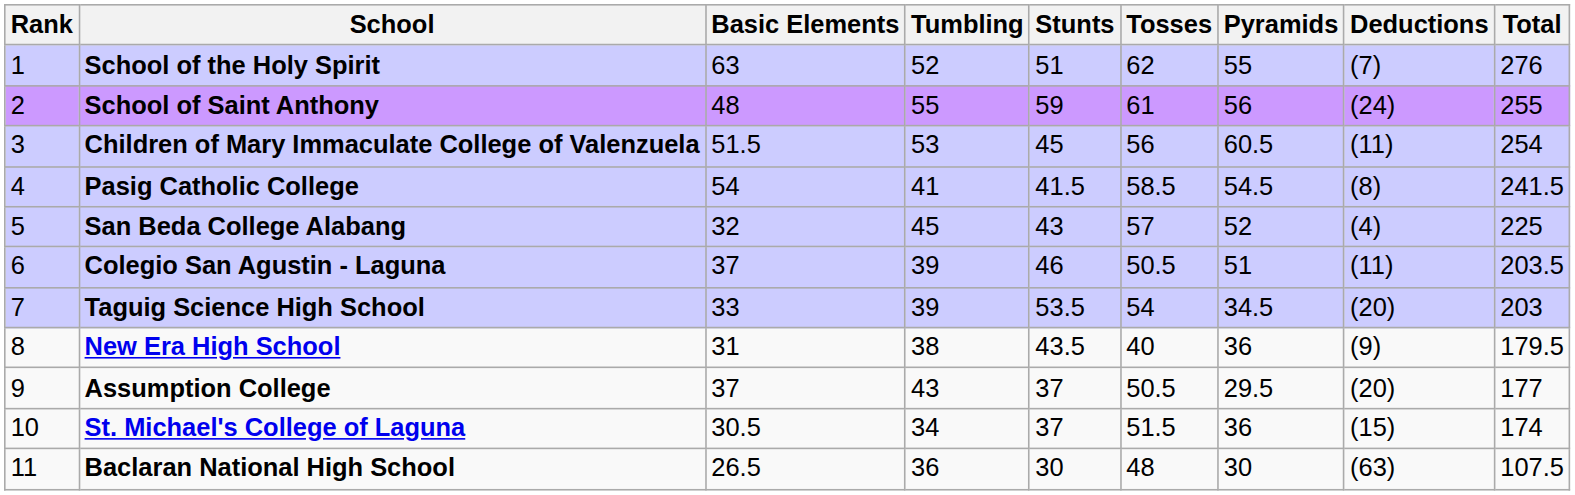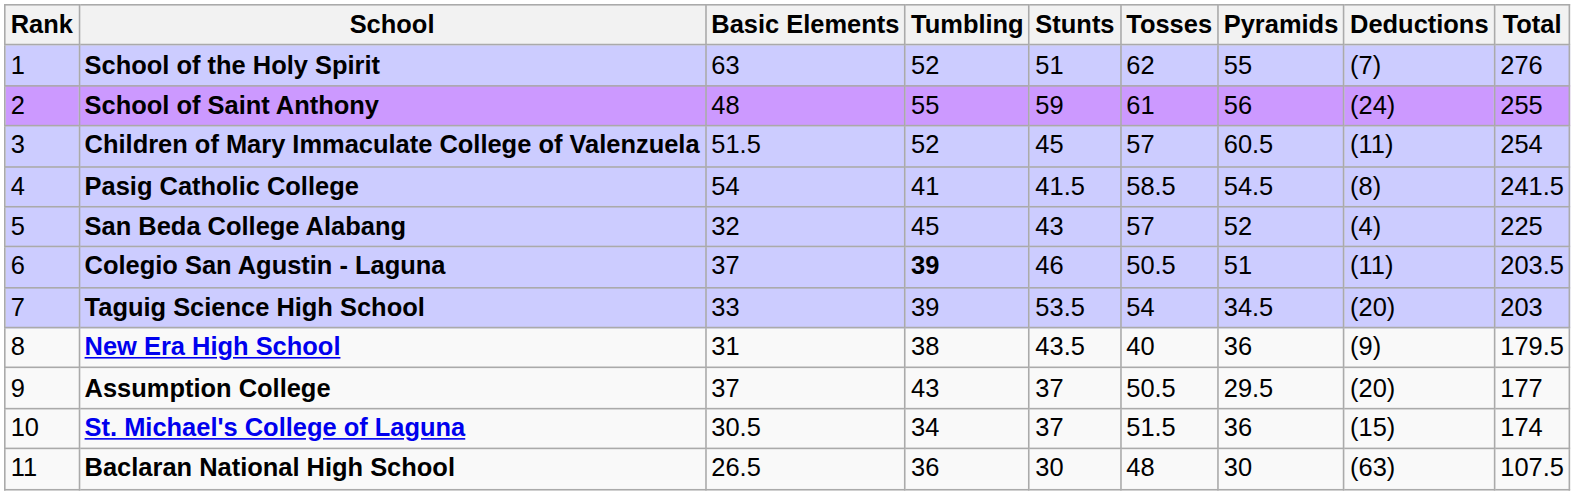 <table class="wikitable" style="text align: center">
 <tr>
 <th>Rank</th>
 <th>School</th>
 <th>Basic Elements</th>
 <th>Tumbling</th>
 <th>Stunts</th>
 <th>Tosses</th>
 <th>Pyramids</th>
 <th>Deductions</th>
 <th>Total</th>
 </tr>
 <tr bgcolor="CCCCFF">
 <td>1</td>
 <td><strong>School of the Holy Spirit</strong></td>
 <td>63</td>
 <td>52</td>
 <td>51</td>
 <td>62</td>
 <td>55</td>
 <td>(7)</td>
 <td>276</td>
 </tr>
 <tr bgcolor="CC99FF">
 <td>2</td>
 <td><strong>School of Saint Anthony</strong></td>
 <td>48</td>
 <td>55</td>
 <td>59</td>
 <td>61</td>
 <td>56</td>
 <td>(24)</td>
 <td>255</td>
 </tr>
 <tr bgcolor="CCCCFF">
 <td>3</td>
 <td><strong>Children of Mary Immaculate College of Valenzuela</strong></td>
 <td>51.5</td>
-<td>53</td>
+<td>52</td>
 <td>45</td>
-<td>56</td>
+<td>57</td>
 <td>60.5</td>
 <td>(11)</td>
 <td>254</td>
 </tr>
 <tr bgcolor="CCCCFF">
 <td>4</td>
 <td><strong>Pasig Catholic College</strong></td>
 <td>54</td>
 <td>41</td>
 <td>41.5</td>
 <td>58.5</td>
 <td>54.5</td>
 <td>(8)</td>
 <td>241.5</td>
 </tr>
 <tr bgcolor="CCCCFF">
 <td>5</td>
 <td><strong>San Beda College Alabang</strong></td>
 <td>32</td>
 <td>45</td>
 <td>43</td>
 <td>57</td>
 <td>52</td>
 <td>(4)</td>
 <td>225</td>
 </tr>
 <tr bgcolor="CCCCFF">
 <td>6</td>
 <td><strong>Colegio San Agustin - Laguna</strong></td>
 <td>37</td>
-<td>39</td>
+<td><strong>39</strong></td>
 <td>46</td>
 <td>50.5</td>
 <td>51</td>
 <td>(11)</td>
 <td>203.5</td>
 </tr>
 <tr bgcolor="CCCCFF">
 <td>7</td>
 <td><strong>Taguig Science High School</strong></td>
 <td>33</td>
 <td>39</td>
 <td>53.5</td>
 <td>54</td>
 <td>34.5</td>
 <td>(20)</td>
 <td>203</td>
 </tr>
 <tr>
 <td>8</td>
 <td><strong><a href='#'>New Era High School</a></strong></td>
 <td>31</td>
 <td>38</td>
 <td>43.5</td>
 <td>40</td>
 <td>36</td>
 <td>(9)</td>
 <td>179.5</td>
 </tr>
 <tr>
 <td>9</td>
 <td><strong>Assumption College</strong></td>
 <td>37</td>
 <td>43</td>
 <td>37</td>
 <td>50.5</td>
 <td>29.5</td>
 <td>(20)</td>
 <td>177</td>
 </tr>
 <tr>
 <td>10</td>
 <td><strong><a href='#'>St. Michael's College of Laguna</a></strong></td>
 <td>30.5</td>
 <td>34</td>
 <td>37</td>
 <td>51.5</td>
 <td>36</td>
 <td>(15)</td>
 <td>174</td>
 </tr>
 <tr>
 <td>11</td>
 <td><strong>Baclaran National High School</strong></td>
 <td>26.5</td>
 <td>36</td>
 <td>30</td>
 <td>48</td>
 <td>30</td>
 <td>(63)</td>
 <td>107.5</td>
 </tr>
 </table>
